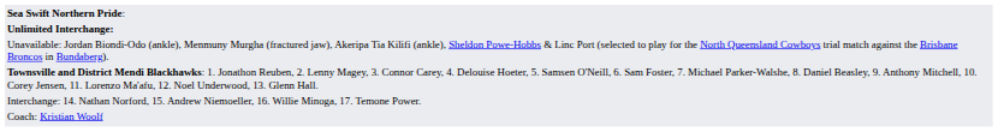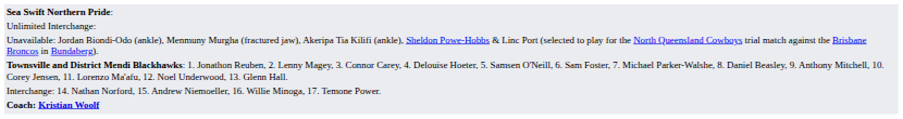 <table style="background:#eaecf0; font-size:85%; width:100%;">
 <tr>
 <td><strong>Sea Swift Northern Pride</strong>:             </td>
 </tr>
 <tr>
-<td><strong>Unlimited Interchange:       </strong></td>
+<td>Unlimited Interchange:       </td>
 </tr>
 <tr>
 <td>Unavailable: Jordan Biondi-Odo (ankle), Menmuny Murgha (fractured jaw), Akeripa Tia Kilifi (ankle), <a href='#'>Sheldon Powe-Hobbs</a> & Linc Port (selected to play for the <a href='#'>North Queensland Cowboys</a> trial match against the <a href='#'>Brisbane Broncos</a> in <a href='#'>Bundaberg</a>).</td>
 </tr>
 <tr>
 <td><strong>Townsville and District Mendi Blackhawks</strong>: 1. Jonathon Reuben, 2. Lenny Magey, 3. Connor Carey, 4. Delouise Hoeter, 5. Samsen O'Neill, 6. Sam Foster, 7. Michael Parker-Walshe, 8. Daniel Beasley, 9. Anthony Mitchell, 10. Corey Jensen, 11. Lorenzo Ma'afu, 12. Noel Underwood, 13. Glenn Hall.</td>
 </tr>
 <tr>
 <td>Interchange: 14. Nathan Norford, 15. Andrew Niemoeller, 16. Willie Minoga, 17. Temone Power.</td>
 </tr>
 <tr>
-<td>Coach: <a href='#'>Kristian Woolf</a></td>
+<td><strong>Coach: <a href='#'>Kristian Woolf</a></strong></td>
 </tr>
 <tr>
 </tr>
 </table>
